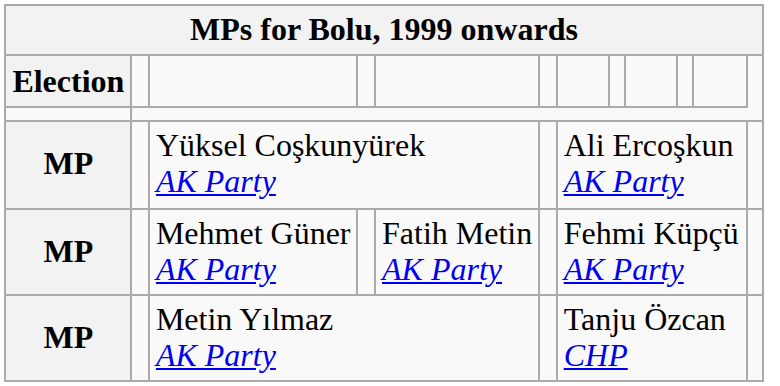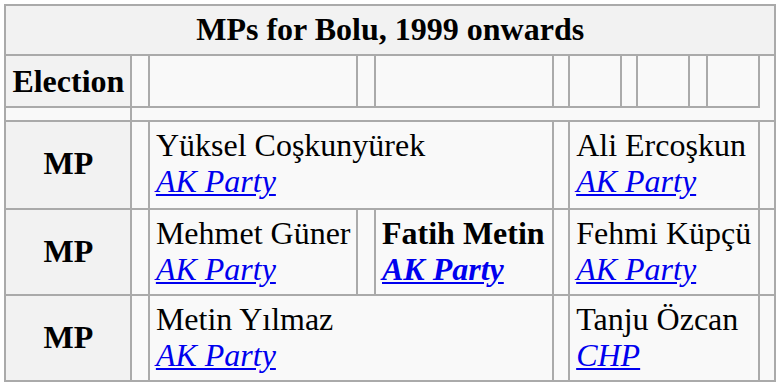 <table class="wikitable">
 <tr>
 <th colspan = 12>MPs for Bolu, 1999 onwards</th>
 </tr>
 <tr>
 <th rowspan = 2>Election</th>
 <td rowspan="2" style="width:1px;"></td>
 <td rowspan = 2></td>
 <td rowspan="2" style="width:1px;"></td>
 <td rowspan = 2></td>
 <td rowspan="2" style="width:1px;"></td>
 <td rowspan = 2></td>
 <td rowspan="2" style="width:1px;"></td>
 <td rowspan = 2></td>
 <td rowspan="2" style="width:1px;"></td>
 <td rowspan = 2></td>
 </tr>
 <tr>
 </tr>
 <tr>
 <td></td>
 </tr>
 <tr>
 <th>MP</th>
 <td width=1px style="background-color: "></td>
 <td colspan = 3>Yüksel Coşkunyürek<br><em><a href='#'>AK Party</a></em></td>
 <td width=1px style="background-color: "></td>
 <td colspan = 5>Ali Ercoşkun<br><em><a href='#'>AK Party</a></em></td>
 <td width=1px style="background-color: "></td>
 </tr>
 <tr>
 <th>MP</th>
 <td width=1px style="background-color: "></td>
 <td colspan = 1>Mehmet Güner<br><em><a href='#'>AK Party</a></em></td>
 <td width=1px style="background-color: "></td>
-<td colspan = 1>Fatih Metin<br><em><a href='#'>AK Party</a></em></td>
+<td colspan = 1><strong>Fatih Metin<br><em><a href='#'>AK Party</a></em></strong></td>
 <td width=1px style="background-color: "></td>
 <td colspan = 5>Fehmi Küpçü<br><em><a href='#'>AK Party</a></em></td>
 <td width=1px style="background-color: "></td>
 </tr>
 <tr>
 <th>MP</th>
 <td width=1px style="background-color: "></td>
 <td colspan = 3>Metin Yılmaz<br><em><a href='#'>AK Party</a></em></td>
 <td width=1px style="background-color: "></td>
 <td colspan = 5>Tanju Özcan<br><em><a href='#'>CHP</a></em></td>
 <td width=1px style="background-color: "></td>
 </tr>
 </table>
